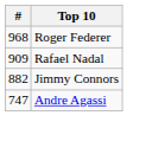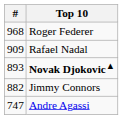 <table class="wikitable" style="display:inline-table;">
 <tr>
 <th>#</th>
 <th>Top 10</th>
 </tr>
 <tr>
 <td>968</td>
 <td> Roger Federer</td>
 </tr>
 <tr>
 <td>909</td>
 <td> Rafael Nadal</td>
 </tr>
 <tr>
+<td>893</td>
+<td> <strong>Novak Djokovic</strong><sup>▲</sup></td>
+</tr>
+<tr>
 <td>882</td>
 <td> Jimmy Connors</td>
 </tr>
 <tr>
 <td>747</td>
 <td> <a href='#'>Andre Agassi</a></td>
 </tr>
 </table>
